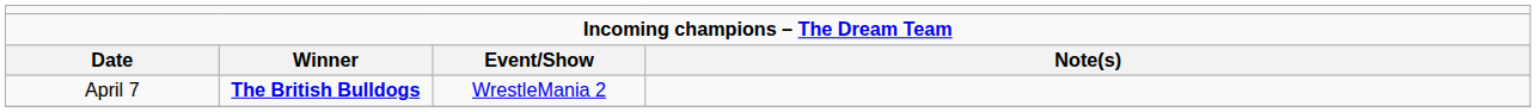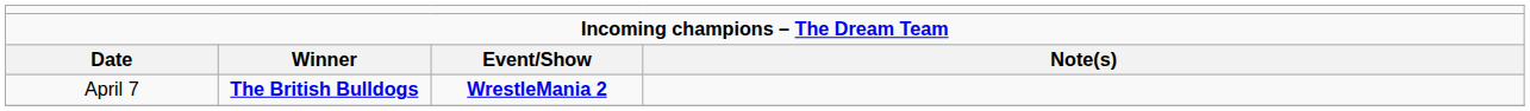 <table class="wikitable" style="text-align:center; width:100%;">
 <tr>
 <td colspan="5"></td>
 </tr>
 <tr>
 <td colspan="5"><strong>Incoming champions – <a href='#'>The Dream Team</a> </strong></td>
 </tr>
 <tr>
 <th width=14%>Date</th>
 <th width=14%>Winner</th>
 <th width=14%>Event/Show</th>
 <th width=58%>Note(s)</th>
 </tr>
 <tr>
 <td>April 7</td>
 <td><strong><a href='#'>The British Bulldogs</a><br></strong></td>
-<td><a href='#'>WrestleMania 2</a></td>
+<td><strong><a href='#'>WrestleMania 2</a></strong></td>
 <td align=left></td>
 </tr>
 <tr>
 </tr>
 </table>
